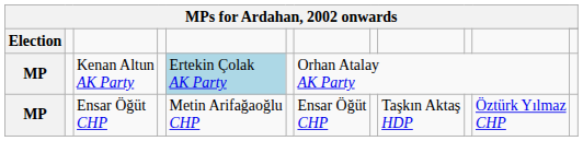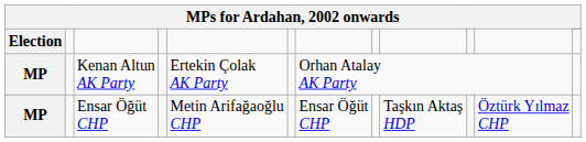 <table class="wikitable">
 <tr>
 <th colspan = 12>MPs for Ardahan, 2002 onwards</th>
 </tr>
 <tr>
 <th rowspan = 2>Election</th>
 <td rowspan="2" style="width:1px;"></td>
 <td rowspan = 2></td>
 <td rowspan="2" style="width:1px;"></td>
 <td rowspan = 2></td>
 <td rowspan="2" style="width:1px;"></td>
 <td rowspan = 2></td>
 <td rowspan="2" style="width:1px;"></td>
 <td rowspan = 2></td>
 <td rowspan="2" style="width:1px;"></td>
 <td rowspan = 2></td>
 </tr>
 <tr>
 <td></td>
 </tr>
 <tr>
 <th>MP</th>
 <td width=1px style="background-color: "></td>
 <td colspan = 1>Kenan Altun<br><em><a href='#'>AK Party</a></em></td>
 <td width=1px style="background-color: "></td>
-<td colspan = 1 style="background: lightblue;">Ertekin Çolak<br><em><a href='#'>AK Party</a></em></td>
+<td colspan = 1>Ertekin Çolak<br><em><a href='#'>AK Party</a></em></td>
 <td width=1px style="background-color: "></td>
 <td colspan = 5>Orhan Atalay<br><em><a href='#'>AK Party</a></em></td>
 <td width=1px style="background-color: "></td>
 </tr>
 <tr>
 <th>MP</th>
 <td width=1px style="background-color: "></td>
 <td colspan = 1>Ensar Öğüt<br><em><a href='#'>CHP</a></em></td>
 <td width=1px style="background-color: "></td>
 <td colspan = 1>Metin Arifağaoğlu<br><em><a href='#'>CHP</a></em></td>
 <td width=1px style="background-color: "></td>
 <td colspan = 1>Ensar Öğüt<br><em><a href='#'>CHP</a></em></td>
 <td width=1px style="background-color: "></td>
 <td colspan = 1>Taşkın Aktaş<br><em><a href='#'>HDP</a></em></td>
 <td width=1px style="background-color: "></td>
 <td colspan = 1><a href='#'>Öztürk Yılmaz</a><br><em><a href='#'>CHP</a></em></td>
 <td width=1px style="background-color: "></td>
 </tr>
 </table>
